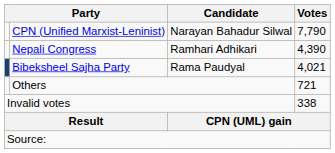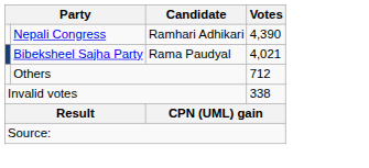 <table class="wikitable">
 <tr>
 <th colspan="2">Party</th>
 <th>Candidate</th>
 <th>Votes</th>
-</tr>
-<tr>
-<td style="background-color:"></td>
-<td><a href='#'>CPN (Unified Marxist-Leninist)</a></td>
-<td>Narayan Bahadur Silwal</td>
-<td>7,790</td>
 </tr>
 <tr>
 <td style="background-color:"></td>
 <td><a href='#'>Nepali Congress</a></td>
 <td>Ramhari Adhikari</td>
 <td>4,390</td>
 </tr>
 <tr>
 <td style="background-color:#183F73"></td>
 <td><a href='#'>Bibeksheel Sajha Party</a></td>
 <td>Rama Paudyal</td>
 <td>4,021</td>
 </tr>
 <tr>
 <td></td>
 <td colspan="2">Others</td>
-<td>721</td>
+<td>712</td>
 </tr>
 <tr>
 <td colspan="3">Invalid votes</td>
 <td>338</td>
 </tr>
 <tr>
 <th colspan="2">Result</th>
 <th colspan="2">CPN (UML) gain</th>
 </tr>
 <tr>
 <td colspan="4">Source: </td>
 </tr>
 </table>
